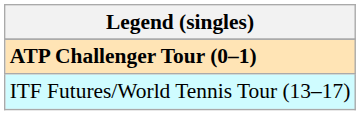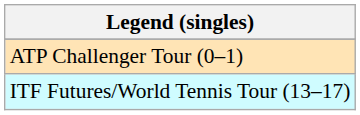 <table class=wikitable style=font-size:97%>
 <tr>
 <th>Legend (singles)</th>
 </tr>
 <tr bgcolor=e5d1cb>
 </tr>
 <tr bgcolor=moccasin>
-<td><strong>ATP Challenger Tour (0–1)</strong></td>
+<td>ATP Challenger Tour (0–1)</td>
 </tr>
 <tr bgcolor=cffcff>
 <td>ITF Futures/World Tennis Tour (13–17)</td>
 </tr>
 </table>
